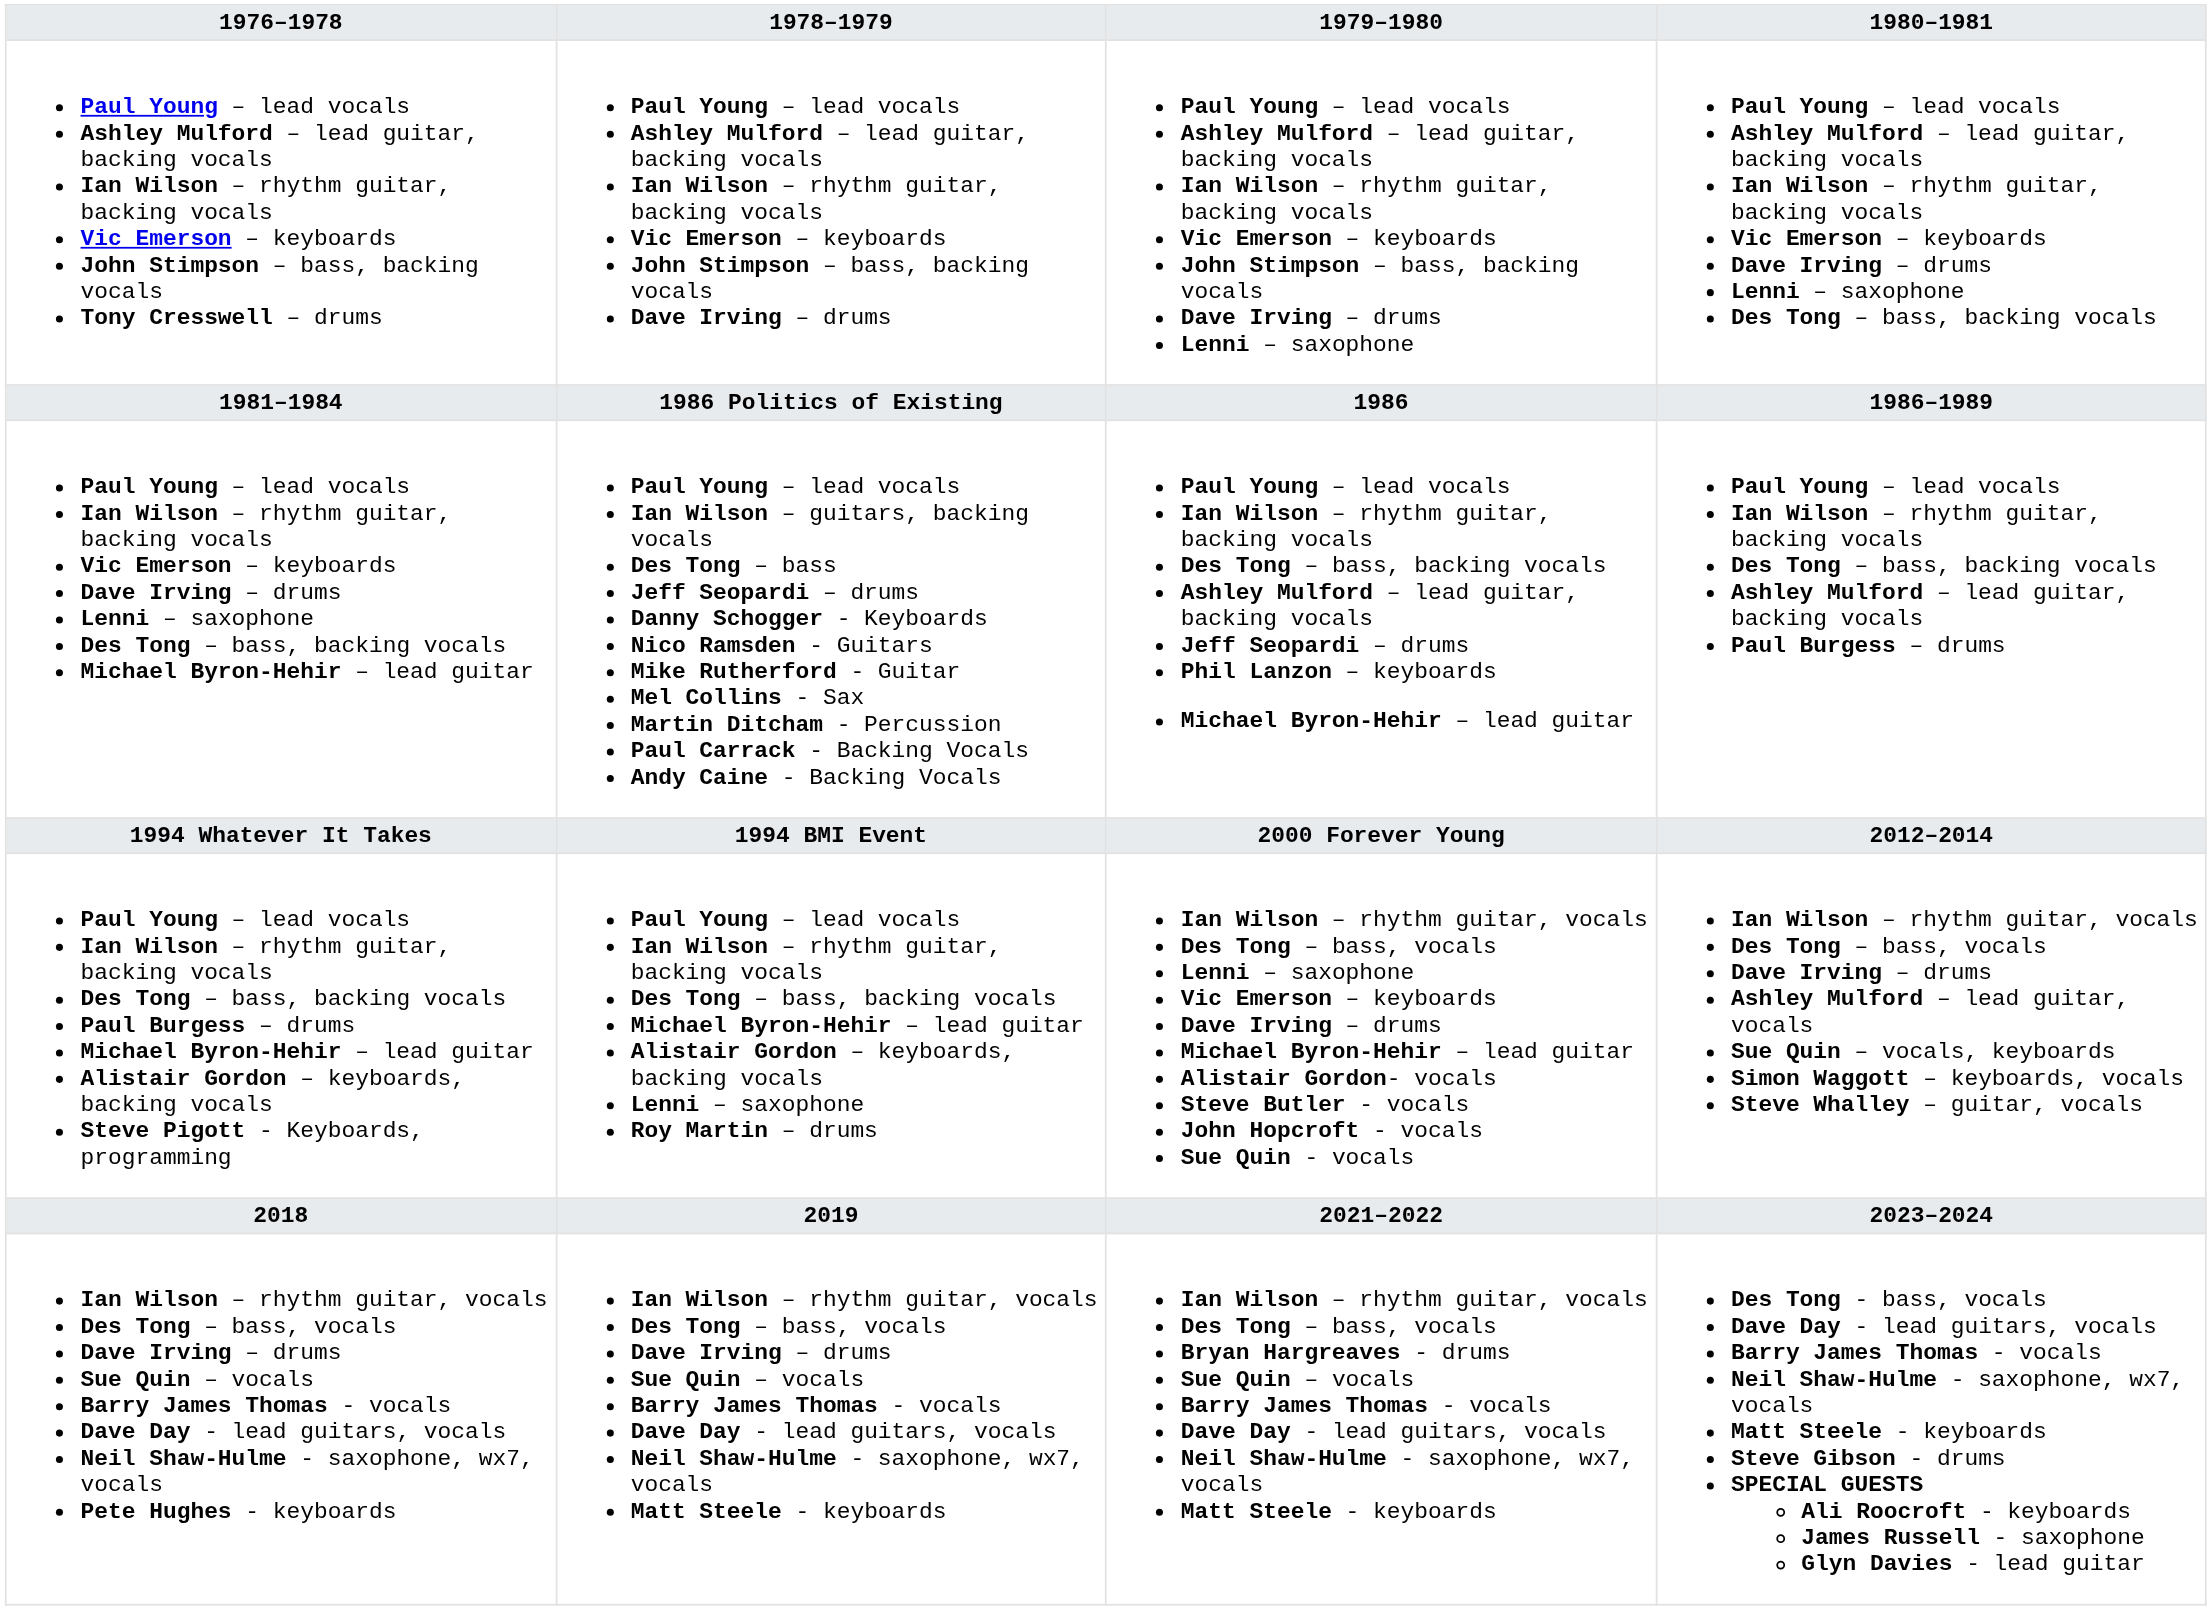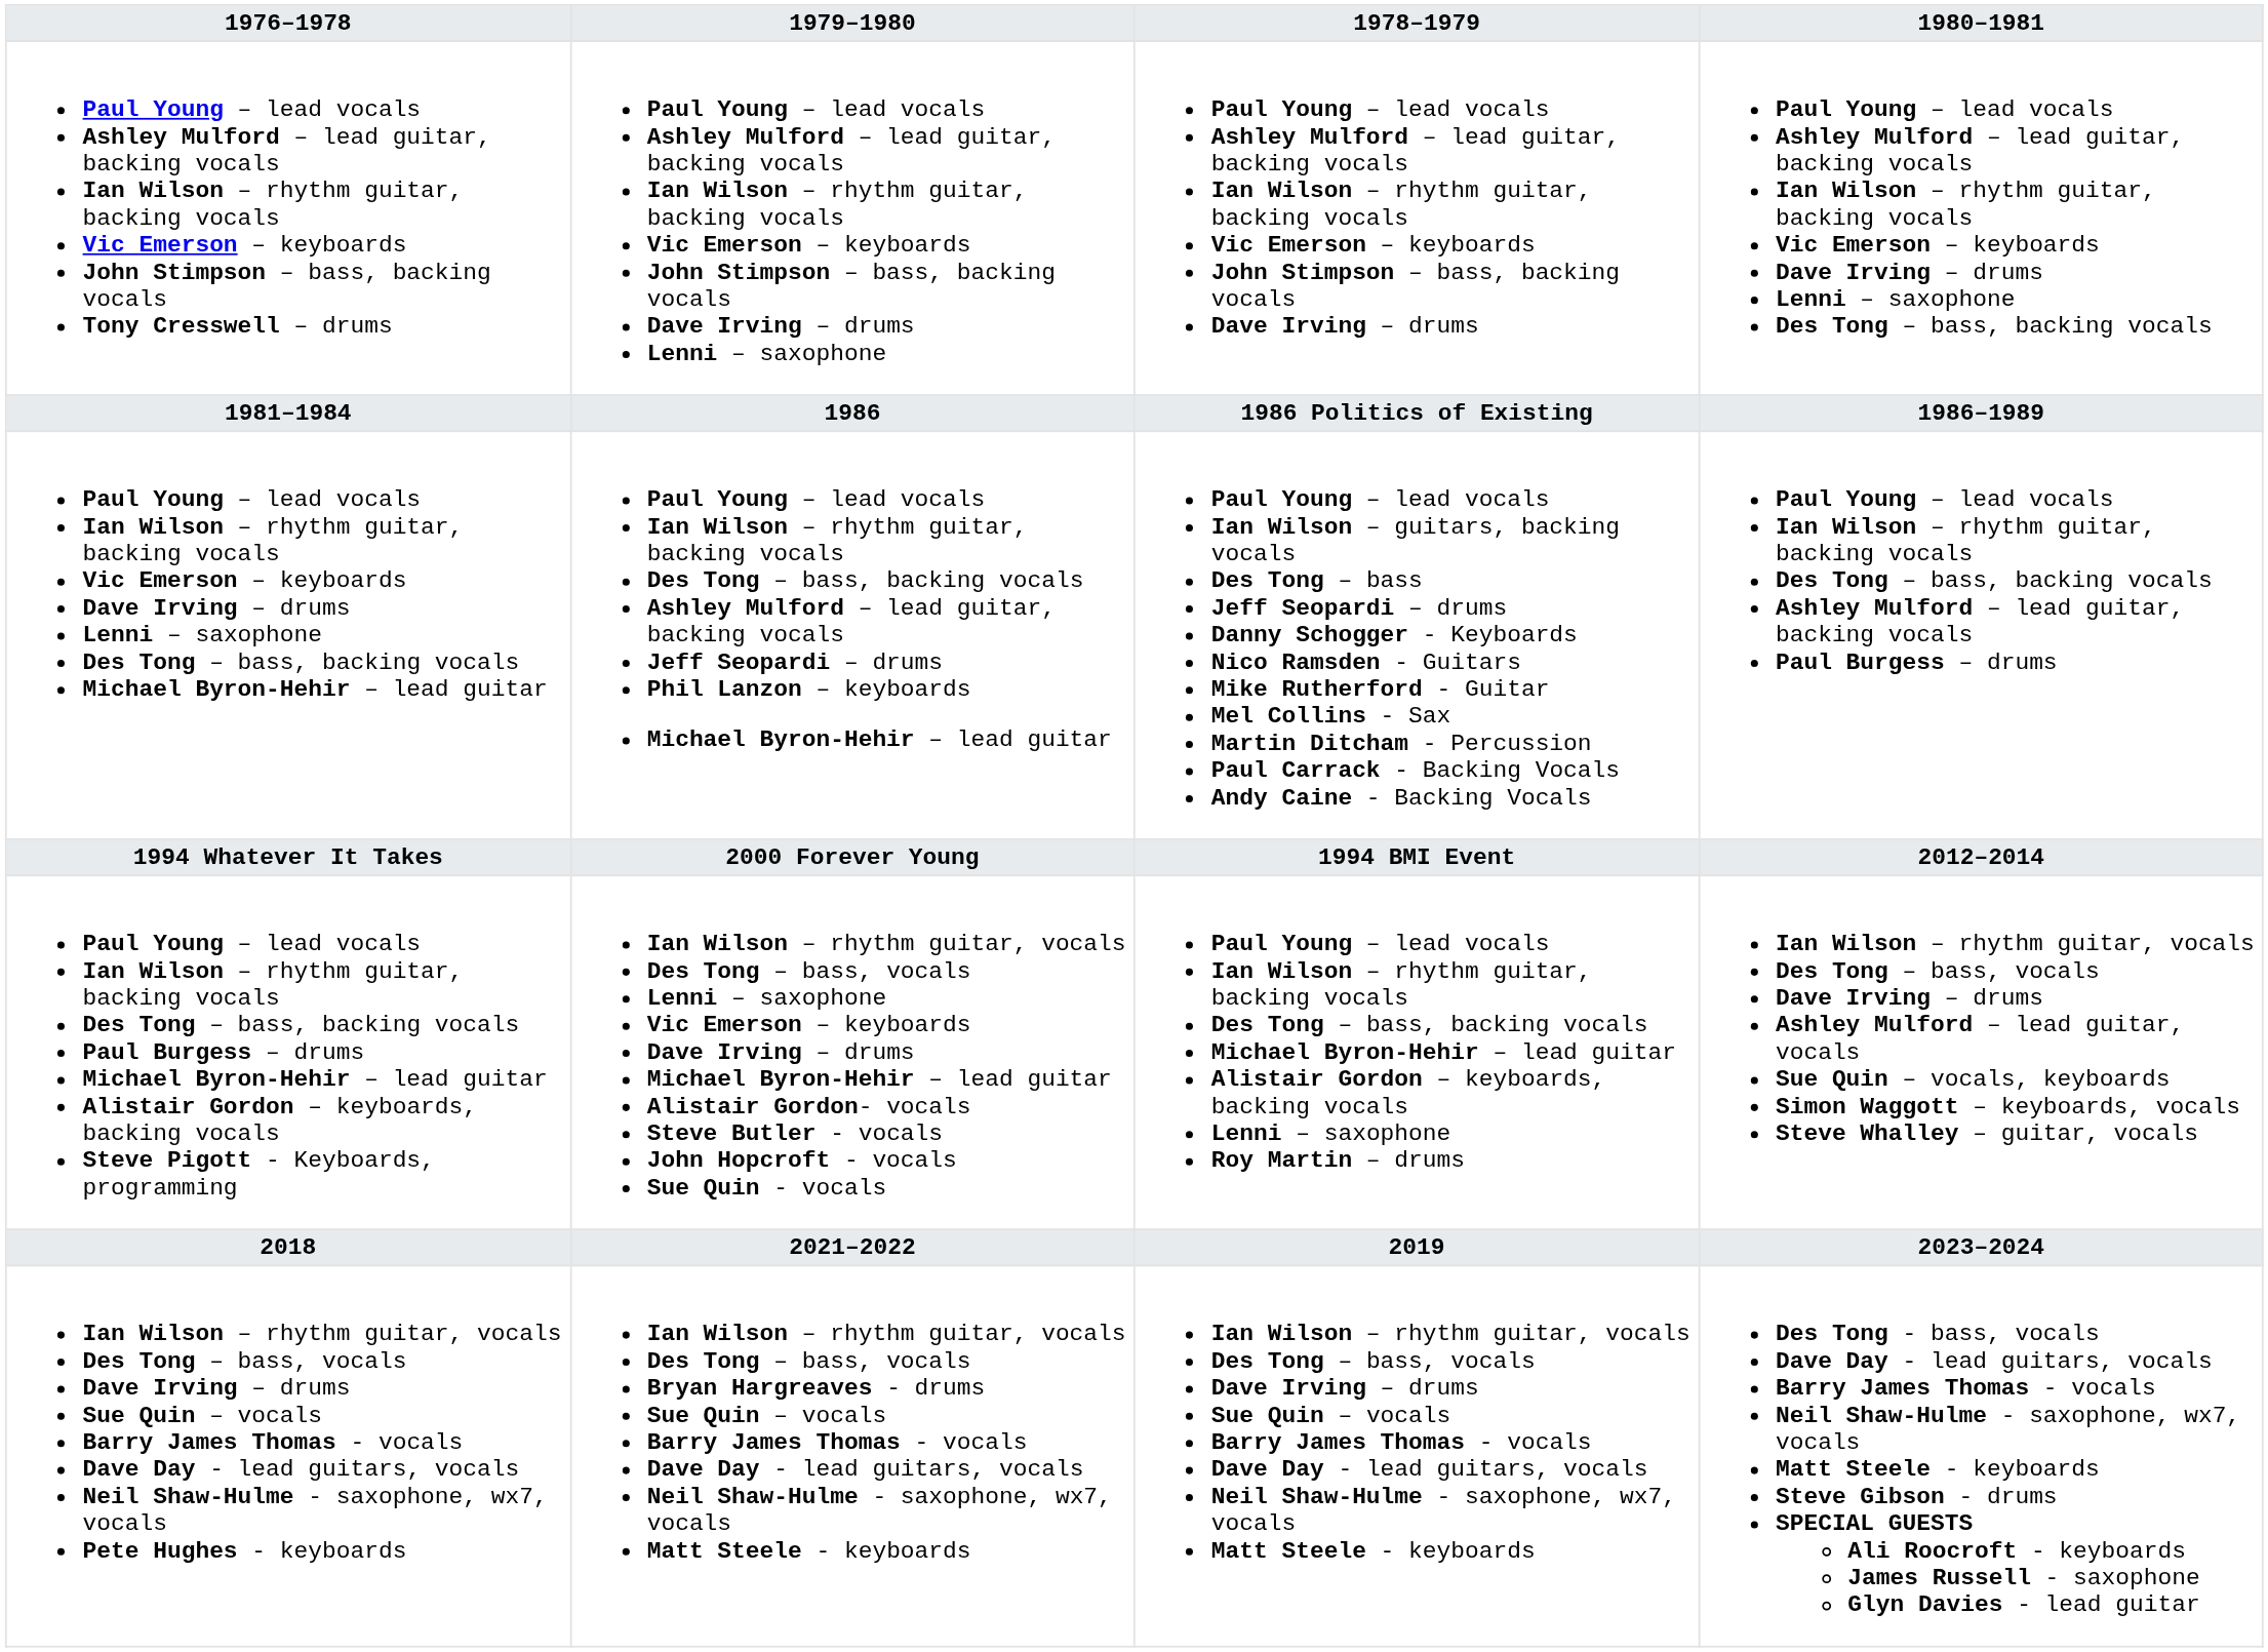 <table class="toccolours" border="1" cellpadding="2" cellspacing="0" style="float:width:375px; margin:0 0 1em 1em; border-collapse:collapse; border:1px solid #e2e2e2; width:99%;">
 <tr>
 <th style="vertical-align:top; background:#e7ebee; width:25%;">1976–1978</th>
+<th style="vertical-align:top; background:#e7ebee; width:25%;">1979–1980</th>
 <th style="vertical-align:top; background:#e7ebee; width:25%;">1978–1979</th>
-<th style="vertical-align:top; background:#e7ebee; width:25%;">1979–1980</th>
 <th style="vertical-align:top; background:#e7ebee; width:25%;">1980–1981</th>
 </tr>
 <tr>
 <td valign=top><br><ul><li><strong><a href='#'>Paul Young</a></strong> – lead vocals</li><li><strong>Ashley Mulford</strong> – lead guitar, backing vocals</li><li><strong>Ian Wilson</strong> – rhythm guitar, backing vocals</li><li><strong><a href='#'>Vic Emerson</a></strong> – keyboards</li><li><strong>John Stimpson</strong> – bass, backing vocals</li><li><strong>Tony Cresswell</strong> – drums</li></ul></td>
+<td valign=top><br><ul><li><strong>Paul Young</strong> – lead vocals</li><li><strong>Ashley Mulford</strong> – lead guitar, backing vocals</li><li><strong>Ian Wilson</strong> – rhythm guitar, backing vocals</li><li><strong>Vic Emerson</strong> – keyboards</li><li><strong>John Stimpson</strong> – bass, backing vocals</li><li><strong>Dave Irving</strong> – drums</li><li><strong>Lenni</strong> – saxophone</li></ul></td>
 <td valign=top><br><ul><li><strong>Paul Young</strong> – lead vocals</li><li><strong>Ashley Mulford</strong> – lead guitar, backing vocals</li><li><strong>Ian Wilson</strong> – rhythm guitar, backing vocals</li><li><strong>Vic Emerson</strong> – keyboards</li><li><strong>John Stimpson</strong> – bass, backing vocals</li><li><strong>Dave Irving</strong> – drums</li></ul></td>
-<td valign=top><br><ul><li><strong>Paul Young</strong> – lead vocals</li><li><strong>Ashley Mulford</strong> – lead guitar, backing vocals</li><li><strong>Ian Wilson</strong> – rhythm guitar, backing vocals</li><li><strong>Vic Emerson</strong> – keyboards</li><li><strong>John Stimpson</strong> – bass, backing vocals</li><li><strong>Dave Irving</strong> – drums</li><li><strong>Lenni</strong> – saxophone</li></ul></td>
 <td valign=top><br><ul><li><strong>Paul Young</strong> – lead vocals</li><li><strong>Ashley Mulford</strong> – lead guitar, backing vocals</li><li><strong>Ian Wilson</strong> – rhythm guitar, backing vocals</li><li><strong>Vic Emerson</strong> – keyboards</li><li><strong>Dave Irving</strong> – drums</li><li><strong>Lenni</strong> – saxophone</li><li><strong>Des Tong</strong> – bass, backing vocals</li></ul></td>
 </tr>
 <tr>
 <th style="vertical-align:top; background:#e7ebee; width:25%;">1981–1984</th>
+<th style="vertical-align:top; background:#e7ebee; width:25%;">1986</th>
 <th style="vertical-align:top; background:#e7ebee; width:25%;">1986 Politics of Existing</th>
-<th style="vertical-align:top; background:#e7ebee; width:25%;">1986</th>
 <th style="vertical-align:top; background:#e7ebee; width:25%;">1986–1989</th>
 </tr>
 <tr>
 <td valign=top><br><ul><li><strong>Paul Young</strong> – lead vocals</li><li><strong>Ian Wilson</strong> – rhythm guitar, backing vocals</li><li><strong>Vic Emerson</strong> – keyboards</li><li><strong>Dave Irving</strong> – drums</li><li><strong>Lenni</strong> – saxophone</li><li><strong>Des Tong</strong> – bass, backing vocals</li><li><strong>Michael Byron-Hehir</strong> – lead guitar</li></ul></td>
+<td valign=top><br><ul><li><strong>Paul Young</strong> – lead vocals</li><li><strong>Ian Wilson</strong> – rhythm guitar, backing vocals</li><li><strong>Des Tong</strong> – bass, backing vocals</li><li><strong>Ashley Mulford</strong> – lead guitar, backing vocals</li><li><strong>Jeff Seopardi</strong> – drums</li><li><strong>Phil Lanzon</strong> – keyboards</li></ul><ul><li><strong>Michael Byron-Hehir</strong> – lead guitar</li></ul></td>
 <td valign=top><br><ul><li><strong>Paul Young</strong> – lead vocals</li><li><strong>Ian Wilson</strong> – guitars, backing vocals</li><li><strong>Des Tong</strong> – bass</li><li><strong>Jeff Seopardi</strong> – drums</li><li><strong>Danny Schogger</strong> - Keyboards</li><li><strong>Nico Ramsden</strong> - Guitars</li><li><strong>Mike Rutherford</strong> - Guitar</li><li><strong>Mel Collins</strong> - Sax</li><li><strong>Martin Ditcham</strong> - Percussion</li><li><strong>Paul Carrack</strong> - Backing Vocals</li><li><strong>Andy Caine</strong> - Backing Vocals</li></ul></td>
-<td valign=top><br><ul><li><strong>Paul Young</strong> – lead vocals</li><li><strong>Ian Wilson</strong> – rhythm guitar, backing vocals</li><li><strong>Des Tong</strong> – bass, backing vocals</li><li><strong>Ashley Mulford</strong> – lead guitar, backing vocals</li><li><strong>Jeff Seopardi</strong> – drums</li><li><strong>Phil Lanzon</strong> – keyboards</li></ul><ul><li><strong>Michael Byron-Hehir</strong> – lead guitar</li></ul></td>
 <td valign=top><br><ul><li><strong>Paul Young</strong> – lead vocals</li><li><strong>Ian Wilson</strong> – rhythm guitar, backing vocals</li><li><strong>Des Tong</strong> – bass, backing vocals</li><li><strong>Ashley Mulford</strong> – lead guitar, backing vocals</li><li><strong>Paul Burgess</strong> – drums</li></ul></td>
 </tr>
 <tr>
 <th style="vertical-align:top; background:#e7ebee; width:25%;">1994 Whatever It Takes</th>
+<th style="vertical-align:top; background:#e7ebee; width:25%;">2000 Forever Young</th>
 <th style="vertical-align:top; background:#e7ebee; width:25%;">1994 BMI Event</th>
-<th style="vertical-align:top; background:#e7ebee; width:25%;">2000 Forever Young</th>
 <th style="vertical-align:top; background:#e7ebee; width:25%;">2012–2014</th>
 </tr>
 <tr>
 <td valign=top><br><ul><li><strong>Paul Young</strong> – lead vocals</li><li><strong>Ian Wilson</strong> – rhythm guitar, backing vocals</li><li><strong>Des Tong</strong> – bass, backing vocals</li><li><strong>Paul Burgess</strong> – drums</li><li><strong>Michael Byron-Hehir</strong> – lead guitar</li><li><strong>Alistair Gordon</strong> – keyboards, backing vocals</li><li><strong>Steve Pigott</strong> - Keyboards, programming</li></ul></td>
+<td valign=top><br><ul><li><strong>Ian Wilson</strong> – rhythm guitar, vocals</li><li><strong>Des Tong</strong> – bass, vocals</li><li><strong>Lenni</strong> – saxophone</li><li><strong>Vic Emerson</strong> – keyboards</li><li><strong>Dave Irving</strong> – drums</li><li><strong>Michael Byron-Hehir</strong> – lead guitar</li><li><strong>Alistair Gordon</strong>- vocals</li><li><strong>Steve Butler</strong> - vocals</li><li><strong>John Hopcroft</strong> - vocals</li><li><strong>Sue Quin</strong> - vocals</li></ul></td>
 <td valign=top><br><ul><li><strong>Paul Young</strong> – lead vocals</li><li><strong>Ian Wilson</strong> – rhythm guitar, backing vocals</li><li><strong>Des Tong</strong> – bass, backing vocals</li><li><strong>Michael Byron-Hehir</strong> – lead guitar</li><li><strong>Alistair Gordon</strong> – keyboards, backing vocals</li><li><strong>Lenni</strong> – saxophone</li><li><strong>Roy Martin</strong> – drums</li></ul></td>
-<td valign=top><br><ul><li><strong>Ian Wilson</strong> – rhythm guitar, vocals</li><li><strong>Des Tong</strong> – bass, vocals</li><li><strong>Lenni</strong> – saxophone</li><li><strong>Vic Emerson</strong> – keyboards</li><li><strong>Dave Irving</strong> – drums</li><li><strong>Michael Byron-Hehir</strong> – lead guitar</li><li><strong>Alistair Gordon</strong>- vocals</li><li><strong>Steve Butler</strong> - vocals</li><li><strong>John Hopcroft</strong> - vocals</li><li><strong>Sue Quin</strong> - vocals</li></ul></td>
 <td valign=top><br><ul><li><strong>Ian Wilson</strong> – rhythm guitar, vocals</li><li><strong>Des Tong</strong> – bass, vocals</li><li><strong>Dave Irving</strong> – drums</li><li><strong>Ashley Mulford</strong> – lead guitar, vocals</li><li><strong>Sue Quin</strong> – vocals, keyboards</li><li><strong>Simon Waggott</strong> – keyboards, vocals</li><li><strong>Steve Whalley</strong> – guitar, vocals</li></ul></td>
 </tr>
 <tr>
 <th style="vertical-align:top; background:#e7ebee; width:25%;">2018</th>
+<th style="vertical-align:top; background:#e7ebee; width:25%;">2021–2022</th>
 <th style="vertical-align:top; background:#e7ebee; width:25%;">2019</th>
-<th style="vertical-align:top; background:#e7ebee; width:25%;">2021–2022</th>
 <th style="vertical-align:top; background:#e7ebee; width:25%;">2023–2024</th>
 </tr>
 <tr>
 <td valign=top><br><ul><li><strong>Ian Wilson</strong> – rhythm guitar, vocals</li><li><strong>Des Tong</strong> – bass, vocals</li><li><strong>Dave Irving</strong> – drums</li><li><strong>Sue Quin</strong> – vocals</li><li><strong>Barry James Thomas</strong> - vocals</li><li><strong>Dave Day</strong> - lead guitars, vocals</li><li><strong>Neil Shaw-Hulme</strong> - saxophone, wx7, vocals</li><li><strong>Pete Hughes</strong> - keyboards</li></ul></td>
+<td valign=top><br><ul><li><strong>Ian Wilson</strong> – rhythm guitar, vocals</li><li><strong>Des Tong</strong> – bass, vocals</li><li><strong>Bryan Hargreaves</strong> - drums</li><li><strong>Sue Quin</strong> – vocals</li><li><strong>Barry James Thomas</strong> - vocals</li><li><strong>Dave Day</strong> - lead guitars, vocals</li><li><strong>Neil Shaw-Hulme</strong> - saxophone, wx7, vocals</li><li><strong>Matt Steele</strong> - keyboards</li></ul></td>
 <td valign=top><br><ul><li><strong>Ian Wilson</strong> – rhythm guitar, vocals</li><li><strong>Des Tong</strong> – bass, vocals</li><li><strong>Dave Irving</strong> – drums</li><li><strong>Sue Quin</strong> – vocals</li><li><strong>Barry James Thomas</strong> - vocals</li><li><strong>Dave Day</strong> - lead guitars, vocals</li><li><strong>Neil Shaw-Hulme</strong> - saxophone, wx7, vocals</li><li><strong>Matt Steele</strong> - keyboards</li></ul></td>
-<td valign=top><br><ul><li><strong>Ian Wilson</strong> – rhythm guitar, vocals</li><li><strong>Des Tong</strong> – bass, vocals</li><li><strong>Bryan Hargreaves</strong> - drums</li><li><strong>Sue Quin</strong> – vocals</li><li><strong>Barry James Thomas</strong> - vocals</li><li><strong>Dave Day</strong> - lead guitars, vocals</li><li><strong>Neil Shaw-Hulme</strong> - saxophone, wx7, vocals</li><li><strong>Matt Steele</strong> - keyboards</li></ul></td>
 <td valign=top><br><ul><li><strong>Des Tong</strong> - bass, vocals</li><li><strong>Dave Day</strong> - lead guitars, vocals</li><li><strong>Barry James Thomas</strong> - vocals</li><li><strong>Neil Shaw-Hulme</strong> - saxophone, wx7, vocals</li><li><strong>Matt Steele</strong> - keyboards</li><li><strong>Steve Gibson</strong> - drums</li><li><strong>SPECIAL GUESTS</strong><ul><li><strong>Ali Roocroft</strong> - keyboards</li><li><strong>James Russell</strong> - saxophone</li><li><strong>Glyn Davies</strong> - lead guitar</li></ul></li></ul></td>
 </tr>
 </table>
